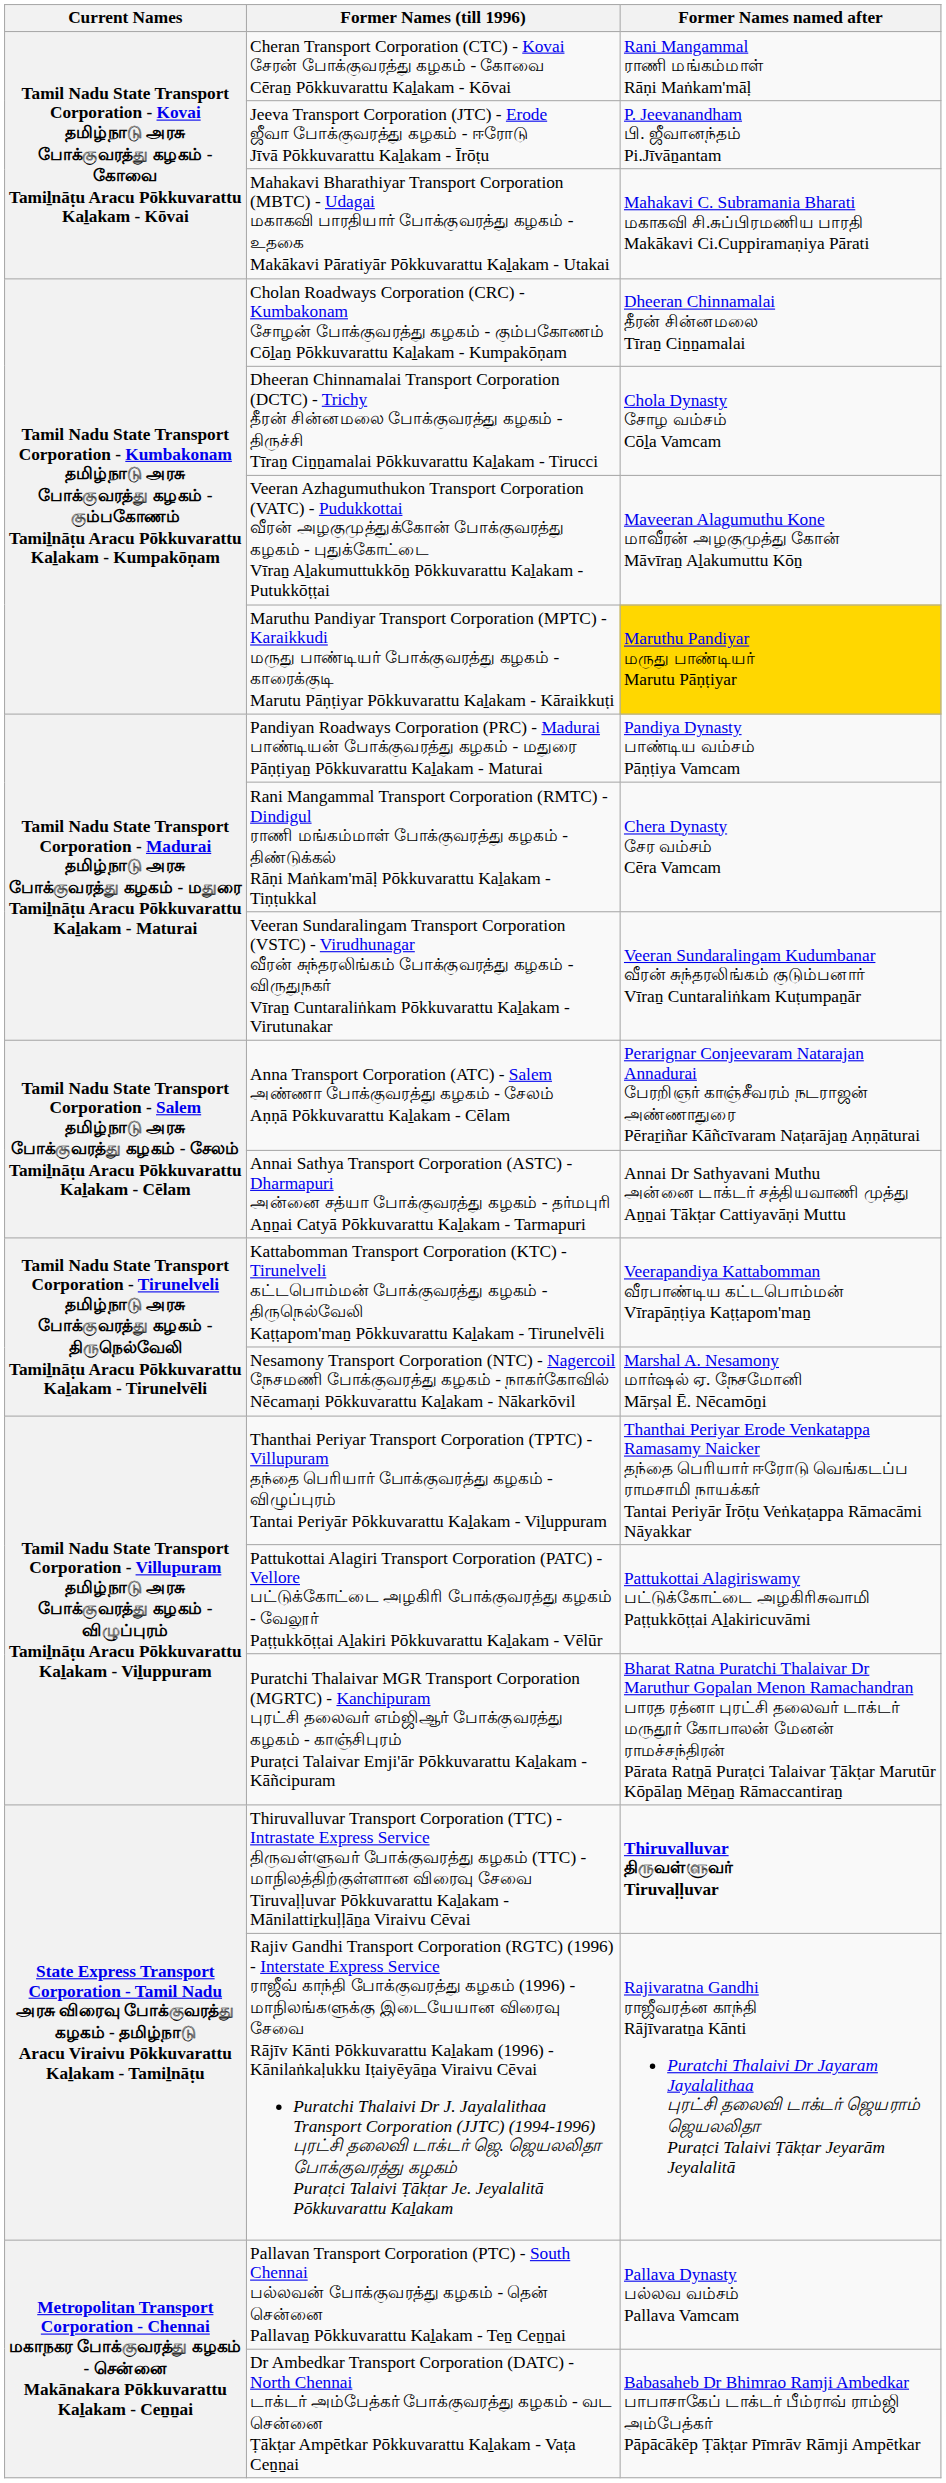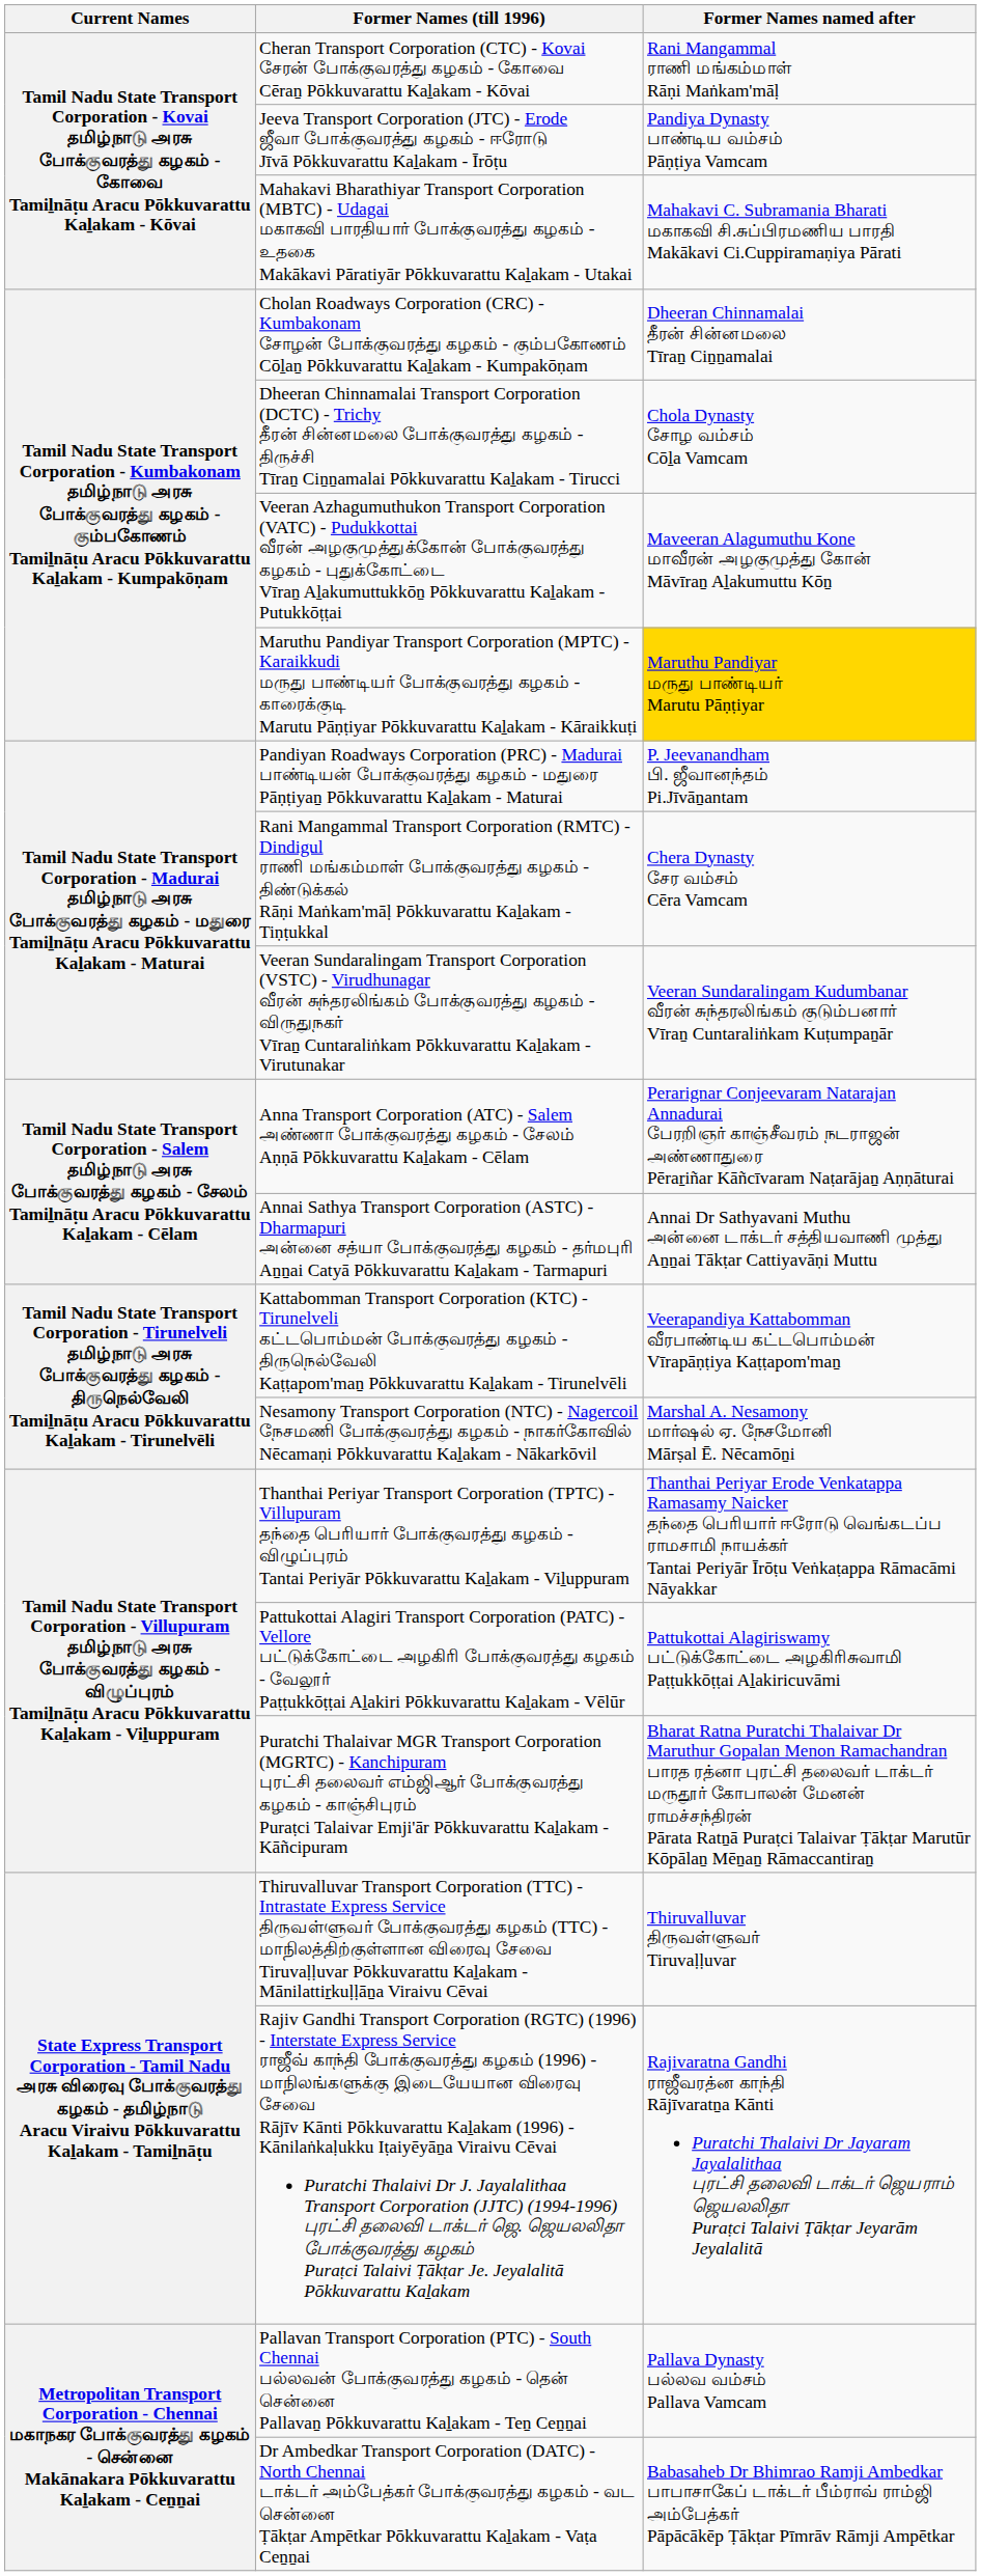 <table class="sortable wikitable">
 <tr>
 <th>Current Names</th>
 <th>Former Names (till 1996)</th>
 <th>Former Names named after</th>
 </tr>
 <tr>
 <th rowspan="3">Tamil Nadu State Transport Corporation - <a href='#'>Kovai</a><br>தமிழ்நாடு அரசு போக்குவரத்து கழகம் - கோவை<br>Tamiḻnāṭu Aracu Pōkkuvarattu Kaḻakam - Kōvai</th>
 <td>Cheran Transport Corporation (CTC) - <a href='#'>Kovai</a><br>சேரன் போக்குவரத்து கழகம் - கோவை<br>Cēraṉ Pōkkuvarattu Kaḻakam - Kōvai</td>
 <td><a href='#'>Rani Mangammal</a><br>ராணி மங்கம்மாள்<br>Rāṇi Maṅkam'māḷ</td>
 </tr>
 <tr>
 <td>Jeeva Transport Corporation (JTC) - <a href='#'>Erode</a><br>ஜீவா போக்குவரத்து கழகம் - ஈரோடு<br>Jīvā Pōkkuvarattu Kaḻakam - Īrōṭu</td>
-<td><a href='#'>P. Jeevanandham</a><br>பி. ஜீவானந்தம்<br>Pi.Jīvāṉantam</td>
+<td><a href='#'>Pandiya Dynasty</a><br>பாண்டிய வம்சம்<br>Pāṇṭiya Vamcam</td>
 </tr>
 <tr>
 <td>Mahakavi Bharathiyar Transport Corporation (MBTC) - <a href='#'>Udagai</a><br>மகாகவி பாரதியார் போக்குவரத்து கழகம் - உதகை<br>Makākavi Pāratiyār Pōkkuvarattu Kaḻakam - Utakai</td>
 <td><a href='#'>Mahakavi C. Subramania Bharati</a><br>மகாகவி சி.சுப்பிரமணிய பாரதி<br>Makākavi Ci.Cuppiramaṇiya Pārati</td>
 </tr>
 <tr>
 <th rowspan="4">Tamil Nadu State Transport Corporation - <a href='#'>Kumbakonam</a><br>தமிழ்நாடு அரசு போக்குவரத்து கழகம் - கும்பகோணம்<br>Tamiḻnāṭu Aracu Pōkkuvarattu Kaḻakam - Kumpakōṇam</th>
 <td>Cholan Roadways Corporation (CRC) - <a href='#'>Kumbakonam</a><br>சோழன் போக்குவரத்து கழகம் - கும்பகோணம்<br>Cōḻaṉ Pōkkuvarattu Kaḻakam - Kumpakōṇam</td>
 <td><a href='#'>Dheeran Chinnamalai</a><br>தீரன் சின்னமலை<br>Tīraṉ Ciṉṉamalai</td>
 </tr>
 <tr>
 <td>Dheeran Chinnamalai Transport Corporation (DCTC) - <a href='#'>Trichy</a><br>தீரன் சின்னமலை போக்குவரத்து கழகம் - திருச்சி<br>Tīraṉ Ciṉṉamalai Pōkkuvarattu Kaḻakam - Tirucci</td>
 <td><a href='#'>Chola Dynasty</a><br>சோழ வம்சம்<br>Cōḻa Vamcam</td>
 </tr>
 <tr>
 <td>Veeran Azhagumuthukon Transport Corporation (VATC) - <a href='#'>Pudukkottai</a><br>வீரன் அழகுமுத்துக்கோன் போக்குவரத்து கழகம் - புதுக்கோட்டை<br>Vīraṉ Aḻakumuttukkōṉ Pōkkuvarattu Kaḻakam - Putukkōṭṭai</td>
 <td><a href='#'>Maveeran Alagumuthu Kone</a><br>மாவீரன் அழகுமுத்து கோன்<br>Māvīraṉ Aḻakumuttu Kōṉ</td>
 </tr>
 <tr>
 <td>Maruthu Pandiyar Transport Corporation (MPTC) - <a href='#'>Karaikkudi</a><br>மருது பாண்டியர் போக்குவரத்து கழகம் - காரைக்குடி<br>Marutu Pāṇṭiyar Pōkkuvarattu Kaḻakam - Kāraikkuṭi</td>
 <td style="background: gold;"><a href='#'>Maruthu Pandiyar</a><br>மருது பாண்டியர்<br>Marutu Pāṇṭiyar</td>
 </tr>
 <tr>
 <th rowspan="3">Tamil Nadu State Transport Corporation - <a href='#'>Madurai</a><br>தமிழ்நாடு அரசு போக்குவரத்து கழகம் - மதுரை<br>Tamiḻnāṭu Aracu Pōkkuvarattu Kaḻakam - Maturai</th>
 <td>Pandiyan Roadways Corporation (PRC) - <a href='#'>Madurai</a><br>பாண்டியன் போக்குவரத்து கழகம் - மதுரை<br>Pāṇṭiyaṉ Pōkkuvarattu Kaḻakam - Maturai</td>
-<td><a href='#'>Pandiya Dynasty</a><br>பாண்டிய வம்சம்<br>Pāṇṭiya Vamcam</td>
+<td><a href='#'>P. Jeevanandham</a><br>பி. ஜீவானந்தம்<br>Pi.Jīvāṉantam</td>
 </tr>
 <tr>
 <td>Rani Mangammal Transport Corporation (RMTC) - <a href='#'>Dindigul</a><br>ராணி மங்கம்மாள் போக்குவரத்து கழகம் - திண்டுக்கல்<br>Rāṇi Maṅkam'māḷ Pōkkuvarattu Kaḻakam - Tiṇṭukkal</td>
 <td><a href='#'>Chera Dynasty</a><br>சேர வம்சம்<br>Cēra Vamcam</td>
 </tr>
 <tr>
 <td>Veeran Sundaralingam Transport Corporation (VSTC) - <a href='#'>Virudhunagar</a><br>வீரன் சுந்தரலிங்கம் போக்குவரத்து கழகம் - விருதுநகர்<br>Vīraṉ Cuntaraliṅkam Pōkkuvarattu Kaḻakam - Virutunakar</td>
 <td><a href='#'>Veeran Sundaralingam Kudumbanar</a><br>வீரன் சுந்தரலிங்கம் குடும்பனார்<br>Vīraṉ Cuntaraliṅkam Kuṭumpaṉār</td>
 </tr>
 <tr>
 <th rowspan="2">Tamil Nadu State Transport Corporation - <a href='#'>Salem</a><br>தமிழ்நாடு அரசு போக்குவரத்து கழகம் - சேலம்<br>Tamiḻnāṭu Aracu Pōkkuvarattu Kaḻakam - Cēlam</th>
 <td>Anna Transport Corporation (ATC) - <a href='#'>Salem</a><br>அண்ணா போக்குவரத்து கழகம் - சேலம்<br>Aṇṇā Pōkkuvarattu Kaḻakam - Cēlam</td>
 <td><a href='#'>Perarignar Conjeevaram Natarajan Annadurai</a><br>பேரறிஞர் காஞ்சீவரம் நடராஜன் அண்ணாதுரை<br>Pēraṟiñar Kāñcīvaram Naṭarājaṉ Aṇṇāturai</td>
 </tr>
 <tr>
 <td>Annai Sathya Transport Corporation (ASTC) - <a href='#'>Dharmapuri</a><br>அன்னை சத்யா போக்குவரத்து கழகம் - தர்மபுரி<br>Aṉṉai Catyā Pōkkuvarattu Kaḻakam - Tarmapuri</td>
 <td>Annai Dr Sathyavani Muthu<br>அன்னை டாக்டர் சத்தியவாணி முத்து<br>Aṉṉai Tākṭar Cattiyavāṇi Muttu</td>
 </tr>
 <tr>
 <th rowspan="2">Tamil Nadu State Transport Corporation - <a href='#'>Tirunelveli</a><br>தமிழ்நாடு அரசு போக்குவரத்து கழகம் - திருநெல்வேலி<br>Tamiḻnāṭu Aracu Pōkkuvarattu Kaḻakam - Tirunelvēli</th>
 <td>Kattabomman Transport Corporation (KTC) - <a href='#'>Tirunelveli</a><br>கட்டபொம்மன் போக்குவரத்து கழகம் - திருநெல்வேலி<br>Kaṭṭapom'maṉ Pōkkuvarattu Kaḻakam - Tirunelvēli</td>
 <td><a href='#'>Veerapandiya Kattabomman</a><br>வீரபாண்டிய கட்டபொம்மன்<br>Vīrapāṇṭiya Kaṭṭapom'maṉ</td>
 </tr>
 <tr>
 <td>Nesamony Transport Corporation (NTC) - <a href='#'>Nagercoil</a><br>நேசமணி போக்குவரத்து கழகம் - நாகர்கோவில்<br>Nēcamaṇi Pōkkuvarattu Kaḻakam - Nākarkōvil</td>
 <td><a href='#'>Marshal A. Nesamony</a><br>மார்ஷல் ஏ. நேசமோனி<br>Mārṣal Ē. Nēcamōṉi</td>
 </tr>
 <tr>
 <th rowspan="3">Tamil Nadu State Transport Corporation - <a href='#'>Villupuram</a><br>தமிழ்நாடு அரசு போக்குவரத்து கழகம் - விழுப்புரம்<br>Tamiḻnāṭu Aracu Pōkkuvarattu Kaḻakam -  Viḻuppuram</th>
 <td>Thanthai Periyar Transport Corporation (TPTC) - <a href='#'>Villupuram</a><br>தந்தை பெரியார் போக்குவரத்து கழகம் - விழுப்புரம்<br>Tantai Periyār Pōkkuvarattu Kaḻakam - Viḻuppuram</td>
 <td><a href='#'>Thanthai Periyar Erode Venkatappa Ramasamy Naicker</a><br>தந்தை பெரியார் ஈரோடு வெங்கடப்ப ராமசாமி நாயக்கர்<br>Tantai Periyār Īrōṭu Veṅkaṭappa Rāmacāmi Nāyakkar</td>
 </tr>
 <tr>
 <td>Pattukottai Alagiri Transport Corporation (PATC) - <a href='#'>Vellore</a><br>பட்டுக்கோட்டை அழகிரி போக்குவரத்து கழகம் - வேலூர்<br>Paṭṭukkōṭṭai Aḻakiri Pōkkuvarattu Kaḻakam - Vēlūr</td>
 <td><a href='#'>Pattukottai Alagiriswamy</a><br>பட்டுக்கோட்டை அழகிரிசுவாமி<br>Paṭṭukkōṭṭai Aḻakiricuvāmi</td>
 </tr>
 <tr>
 <td>Puratchi Thalaivar MGR Transport Corporation (MGRTC) - <a href='#'>Kanchipuram</a><br>புரட்சி தலைவர் எம்ஜிஆர் போக்குவரத்து கழகம் - காஞ்சிபுரம்<br>Puraṭci Talaivar Emji'ār Pōkkuvarattu Kaḻakam - Kāñcipuram</td>
 <td><a href='#'>Bharat Ratna Puratchi Thalaivar Dr Maruthur Gopalan Menon Ramachandran</a><br>பாரத ரத்னா புரட்சி தலைவர் டாக்டர் மருதூர் கோபாலன் மேனன் ராமச்சந்திரன்<br>Pārata Ratṉā Puraṭci Talaivar Ṭākṭar Marutūr Kōpālaṉ Mēṉaṉ Rāmaccantiraṉ</td>
 </tr>
 <tr>
 <th rowspan="2"><a href='#'>State Express Transport Corporation - Tamil Nadu</a><br>அரசு விரைவு போக்குவரத்து கழகம் - தமிழ்நாடு<br>Aracu Viraivu Pōkkuvarattu Kaḻakam - Tamiḻnāṭu</th>
 <td>Thiruvalluvar Transport Corporation (TTC) - <a href='#'>Intrastate Express Service</a><br>திருவள்ளுவர் போக்குவரத்து கழகம் (TTC) - மாநிலத்திற்குள்ளான விரைவு சேவை<br>Tiruvaḷḷuvar Pōkkuvarattu Kaḻakam - Mānilattiṟkuḷḷāṉa Viraivu Cēvai</td>
-<td><strong><a href='#'>Thiruvalluvar</a><br>திருவள்ளுவர்<br>Tiruvaḷḷuvar</strong></td>
+<td><a href='#'>Thiruvalluvar</a><br>திருவள்ளுவர்<br>Tiruvaḷḷuvar</td>
 </tr>
 <tr>
 <td>Rajiv Gandhi Transport Corporation (RGTC) (1996) - <a href='#'>Interstate Express Service</a><br>ராஜீவ் காந்தி போக்குவரத்து கழகம் (1996) - மாநிலங்களுக்கு இடையேயான விரைவு சேவை<br>Rājīv Kānti Pōkkuvarattu Kaḻakam (1996) - Kānilaṅkaḷukku Iṭaiyēyāṉa Viraivu Cēvai<br><ul><li><em>Puratchi Thalaivi Dr J. Jayalalithaa Transport Corporation (JJTC) (1994-1996)</em><br><em>புரட்சி தலைவி டாக்டர் ஜெ. ஜெயலலிதா போக்குவரத்து கழகம்</em><br><em>Puraṭci Talaivi Ṭākṭar Je. Jeyalalitā Pōkkuvarattu Kaḻakam</em></li></ul></td>
 <td><a href='#'>Rajivaratna Gandhi</a><br>ராஜீவரத்ன காந்தி<br>Rājīvaratṉa Kānti<br><ul><li><a href='#'><em>Puratchi Thalaivi Dr Jayaram Jayalalithaa</em></a><br><em>புரட்சி தலைவி டாக்டர் ஜெயராம் ஜெயலலிதா</em><br><em>Puraṭci Talaivi Ṭākṭar Jeyarām Jeyalalitā</em></li></ul></td>
 </tr>
 <tr>
 <th rowspan="2"><a href='#'>Metropolitan Transport Corporation - Chennai</a><br>மகாநகர போக்குவரத்து கழகம் - சென்னை<br>Makānakara Pōkkuvarattu Kaḻakam - Ceṉṉai</th>
 <td>Pallavan Transport Corporation (PTC) - <a href='#'>South Chennai</a><br>பல்லவன் போக்குவரத்து கழகம் - தென் சென்னை<br>Pallavaṉ Pōkkuvarattu Kaḻakam - Teṉ Ceṉṉai</td>
 <td><a href='#'>Pallava Dynasty</a><br>பல்லவ வம்சம்<br>Pallava Vamcam</td>
 </tr>
 <tr>
 <td>Dr Ambedkar Transport Corporation (DATC) - <a href='#'>North Chennai</a><br>டாக்டர் அம்பேத்கர் போக்குவரத்து கழகம் - வட சென்னை<br>Ṭākṭar Ampētkar Pōkkuvarattu Kaḻakam - Vaṭa Ceṉṉai</td>
 <td><a href='#'>Babasaheb Dr Bhimrao Ramji Ambedkar</a><br>பாபாசாகேப் டாக்டர் பீம்ராவ் ராம்ஜி அம்பேத்கர்<br>Pāpācākēp Ṭākṭar Pīmrāv Rāmji Ampētkar</td>
 </tr>
 </table>
